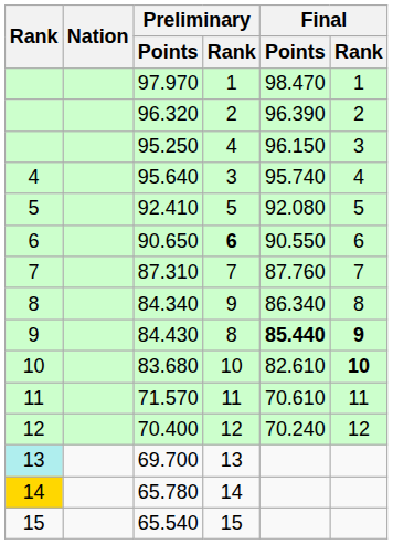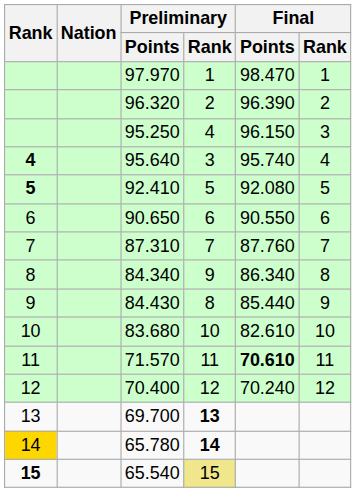 <table class="wikitable" style="text-align:center">
 <tr>
 <th rowspan="2">Rank</th>
 <th rowspan="2">Nation</th>
 <th colspan="2">Preliminary</th>
 <th colspan="2">Final</th>
 </tr>
 <tr>
 <th>Points</th>
 <th>Rank</th>
 <th>Points</th>
 <th>Rank</th>
 </tr>
 <tr bgcolor=ccffcc>
 <td></td>
 <td align=left></td>
 <td>97.970</td>
 <td>1</td>
 <td>98.470</td>
 <td>1</td>
 </tr>
 <tr bgcolor=ccffcc>
 <td></td>
 <td align=left></td>
 <td>96.320</td>
 <td>2</td>
 <td>96.390</td>
 <td>2</td>
 </tr>
 <tr bgcolor=ccffcc>
 <td></td>
 <td align=left></td>
 <td>95.250</td>
 <td>4</td>
 <td>96.150</td>
 <td>3</td>
 </tr>
 <tr bgcolor=ccffcc>
-<td>4</td>
+<td><strong>4</strong></td>
 <td align=left></td>
 <td>95.640</td>
 <td>3</td>
 <td>95.740</td>
 <td>4</td>
 </tr>
 <tr bgcolor=ccffcc>
-<td>5</td>
+<td><strong>5</strong></td>
 <td align=left></td>
 <td>92.410</td>
 <td>5</td>
 <td>92.080</td>
 <td>5</td>
 </tr>
 <tr bgcolor=ccffcc>
 <td>6</td>
 <td align=left></td>
 <td>90.650</td>
-<td><strong>6</strong></td>
+<td>6</td>
 <td>90.550</td>
 <td>6</td>
 </tr>
 <tr bgcolor=ccffcc>
 <td>7</td>
 <td align=left></td>
 <td>87.310</td>
 <td>7</td>
 <td>87.760</td>
 <td>7</td>
 </tr>
 <tr bgcolor=ccffcc>
 <td>8</td>
 <td align=left></td>
 <td>84.340</td>
 <td>9</td>
 <td>86.340</td>
 <td>8</td>
 </tr>
 <tr bgcolor=ccffcc>
 <td>9</td>
 <td align=left></td>
 <td>84.430</td>
 <td>8</td>
-<td><strong>85.440</strong></td>
-<td><strong>9</strong></td>
+<td>85.440</td>
+<td>9</td>
 </tr>
 <tr bgcolor=ccffcc>
 <td>10</td>
 <td align=left></td>
 <td>83.680</td>
 <td>10</td>
 <td>82.610</td>
-<td><strong>10</strong></td>
+<td>10</td>
 </tr>
 <tr bgcolor=ccffcc>
 <td>11</td>
 <td align=left></td>
 <td>71.570</td>
 <td>11</td>
-<td>70.610</td>
+<td><strong>70.610</strong></td>
 <td>11</td>
 </tr>
 <tr bgcolor=ccffcc>
 <td>12</td>
 <td align=left></td>
 <td>70.400</td>
 <td>12</td>
 <td>70.240</td>
 <td>12</td>
 </tr>
 <tr>
-<td style="background: paleturquoise;">13</td>
+<td>13</td>
 <td align=left></td>
 <td>69.700</td>
-<td>13</td>
+<td><strong>13</strong></td>
 <td></td>
 <td></td>
 </tr>
 <tr>
 <td style="background: gold;">14</td>
 <td align=left></td>
 <td>65.780</td>
-<td>14</td>
+<td><strong>14</strong></td>
 <td></td>
 <td></td>
 </tr>
 <tr>
-<td>15</td>
+<td><strong>15</strong></td>
 <td align=left></td>
 <td>65.540</td>
-<td>15</td>
+<td style="background: khaki;">15</td>
 <td></td>
 <td></td>
 </tr>
 </table>
